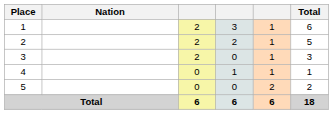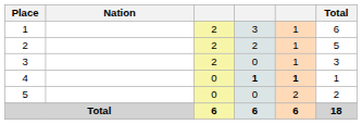 <table class=wikitable style="border:1px solid #AAAAAA;font-size:90%">
 <tr bgcolor="#EFEFEF">
 <th width=50>Place</th>
 <th width=200>Nation</th>
 <th width=50></th>
 <th width=50></th>
 <th width=50></th>
 <th width=50>Total</th>
 </tr>
 <tr align="center" valign="top" bgcolor="#FFFFFF">
 <td>1</td>
 <td align="left"></td>
 <td style="background:#F7F6A8;">2</td>
 <td style="background:#DCE5E5;">3</td>
 <td style="background:#FFDAB9;">1</td>
 <td>6</td>
 </tr>
 <tr align="center" valign="top" bgcolor="#FFFFFF">
 <td>2</td>
 <td align="left"></td>
 <td style="background:#F7F6A8;">2</td>
 <td style="background:#DCE5E5;">2</td>
 <td style="background:#FFDAB9;">1</td>
 <td>5</td>
 </tr>
 <tr align="center" valign="top" bgcolor="#FFFFFF">
 <td>3</td>
 <td align="left"></td>
 <td style="background:#F7F6A8;">2</td>
 <td style="background:#DCE5E5;">0</td>
 <td style="background:#FFDAB9;">1</td>
 <td>3</td>
 </tr>
 <tr align="center" valign="top" bgcolor="#FFFFFF">
 <td>4</td>
 <td align="left"></td>
 <td style="background:#F7F6A8;">0</td>
-<td style="background:#DCE5E5;">1</td>
-<td style="background:#FFDAB9;">1</td>
+<td style="background:#DCE5E5;"><strong>1</strong></td>
+<td style="background:#FFDAB9;"><strong>1</strong></td>
 <td>1</td>
 </tr>
 <tr align="center" valign="top" bgcolor="#FFFFFF">
 <td>5</td>
 <td align="left"></td>
 <td style="background:#F7F6A8;">0</td>
 <td style="background:#DCE5E5;">0</td>
 <td style="background:#FFDAB9;">2</td>
 <td>2</td>
 </tr>
 <tr align="center">
 <td colspan="2" bgcolor=D3D3D3><strong>Total</strong></td>
 <td style="background:#F7F6A8;"><strong>6</strong></td>
 <td style="background:#DCE5E5;"><strong>6</strong></td>
 <td style="background:#FFDAB9;"><strong>6</strong></td>
 <td bgcolor=D3D3D3><strong>18</strong></td>
 </tr>
 </table>
